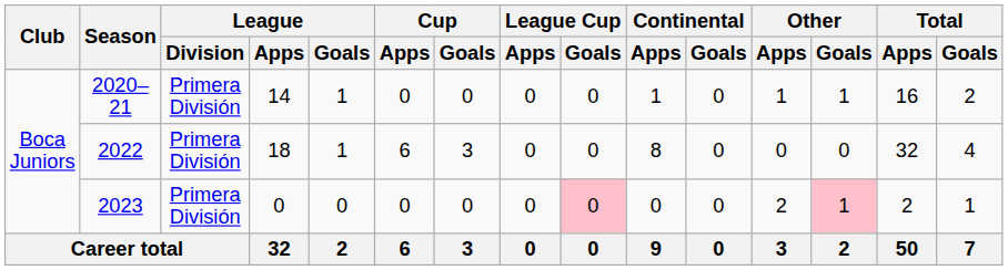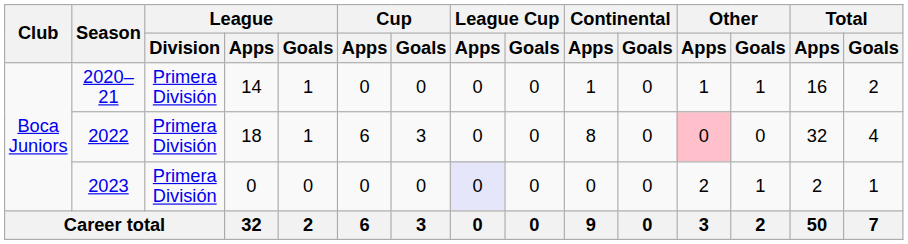 <table class="wikitable" style="text-align:center">
 <tr>
 <th rowspan="2">Club</th>
 <th rowspan="2">Season</th>
 <th colspan="3">League</th>
 <th colspan="2">Cup</th>
 <th colspan="2">League Cup</th>
 <th colspan="2">Continental</th>
 <th colspan="2">Other</th>
 <th colspan="2">Total</th>
 </tr>
 <tr>
 <th>Division</th>
 <th>Apps</th>
 <th>Goals</th>
 <th>Apps</th>
 <th>Goals</th>
 <th>Apps</th>
 <th>Goals</th>
 <th>Apps</th>
 <th>Goals</th>
 <th>Apps</th>
 <th>Goals</th>
 <th>Apps</th>
 <th>Goals</th>
 </tr>
 <tr>
 <td rowspan="3"><a href='#'>Boca Juniors</a></td>
 <td><a href='#'>2020–21</a></td>
 <td rowspan="1"><a href='#'>Primera División</a></td>
 <td>14</td>
 <td>1</td>
 <td>0</td>
 <td>0</td>
 <td>0</td>
 <td>0</td>
 <td>1</td>
 <td>0</td>
 <td>1</td>
 <td>1</td>
 <td>16</td>
 <td>2</td>
 </tr>
 <tr>
 <td><a href='#'>2022</a></td>
 <td rowspan="1"><a href='#'>Primera División</a></td>
 <td>18</td>
 <td>1</td>
 <td>6</td>
 <td>3</td>
 <td>0</td>
 <td>0</td>
 <td>8</td>
 <td>0</td>
-<td>0</td>
+<td style="background: pink;">0</td>
 <td>0</td>
 <td>32</td>
 <td>4</td>
 </tr>
 <tr>
 <td><a href='#'>2023</a></td>
 <td rowspan="1"><a href='#'>Primera División</a></td>
 <td>0</td>
 <td>0</td>
 <td>0</td>
 <td>0</td>
+<td style="background: lavender;">0</td>
 <td>0</td>
-<td style="background: pink;">0</td>
 <td>0</td>
 <td>0</td>
 <td>2</td>
-<td style="background: pink;">1</td>
+<td>1</td>
 <td>2</td>
 <td>1</td>
 </tr>
 <tr>
 <th colspan="3">Career total</th>
 <th>32</th>
 <th>2</th>
 <th>6</th>
 <th>3</th>
 <th>0</th>
 <th>0</th>
 <th>9</th>
 <th>0</th>
 <th>3</th>
 <th>2</th>
 <th>50</th>
 <th>7</th>
 </tr>
 </table>
